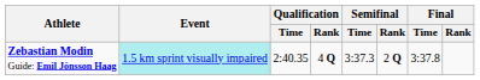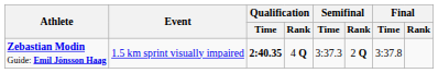 <table class="wikitable" style="font-size:90%">
 <tr>
 <th rowspan="2">Athlete</th>
 <th rowspan="2">Event</th>
 <th colspan="2">Qualification</th>
 <th colspan="2">Semifinal</th>
 <th colspan="2">Final</th>
 </tr>
 <tr style="font-size:95%">
 <th>Time</th>
 <th>Rank</th>
 <th>Time</th>
 <th>Rank</th>
 <th>Time</th>
 <th>Rank</th>
 </tr>
 <tr align=center>
 <td align=left><strong><a href='#'>Zebastian Modin</a></strong><br><small>Guide: <strong><a href='#'>Emil Jönsson Haag</a></strong></small></td>
-<td align=left style="background: paleturquoise;"><a href='#'>1.5 km sprint visually impaired</a></td>
-<td>2:40.35</td>
+<td align=left><a href='#'>1.5 km sprint visually impaired</a></td>
+<td><strong>2:40.35</strong></td>
 <td>4 <strong>Q</strong></td>
 <td>3:37.3</td>
 <td>2 <strong>Q</strong></td>
 <td>3:37.8</td>
 <td></td>
 </tr>
 </table>
